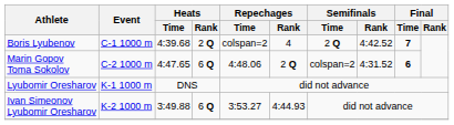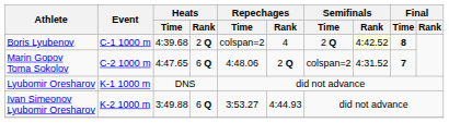 <table class="wikitable" style="font-size:90%; text-align:center;">
 <tr>
 <th rowspan=2>Athlete</th>
 <th rowspan=2>Event</th>
 <th colspan=2>Heats</th>
 <th colspan=2>Repechages</th>
 <th colspan=2>Semifinals</th>
 <th colspan=2>Final</th>
 </tr>
 <tr style="font-size:95%">
 <th>Time</th>
 <th>Rank</th>
 <th>Time</th>
 <th>Rank</th>
 <th>Time</th>
 <th>Rank</th>
 <th>Time</th>
 <th>Rank</th>
 </tr>
 <tr>
 <td align=left rowspan=1><a href='#'>Boris Lyubenov</a></td>
 <td align=left><a href='#'>C-1 1000 m</a></td>
 <td>4:39.68</td>
 <td>2 <strong>Q</strong></td>
 <td>colspan=2 </td>
 <td>4</td>
 <td>2 <strong>Q</strong></td>
-<td>4:42.52</td>
-<td><strong>7</strong></td>
+<td style="background: lightyellow;">4:42.52</td>
+<td><strong>8</strong></td>
 </tr>
 <tr>
 <td align=left rowspan=1><a href='#'>Marin Gopov</a><br><a href='#'>Toma Sokolov</a></td>
 <td align=left><a href='#'>C-2 1000 m</a></td>
 <td>4:47.65</td>
 <td>6 <strong>Q</strong></td>
 <td>4:48.06</td>
 <td>2 <strong>Q</strong></td>
 <td>colspan=2 </td>
 <td>4:31.52</td>
-<td><strong>6</strong></td>
+<td><strong>7</strong></td>
 </tr>
 <tr>
 <td align=left rowspan=1><a href='#'>Lyubomir Oresharov</a></td>
 <td align=left><a href='#'>K-1 1000 m</a></td>
 <td colspan=2>DNS</td>
 <td colspan=6>did not advance</td>
 </tr>
 <tr>
 <td align=left rowspan=1><a href='#'>Ivan Simeonov</a><br> <a href='#'>Lyubomir Oresharov</a></td>
 <td align=left><a href='#'>K-2 1000 m</a></td>
 <td>3:49.88</td>
 <td>6 <strong>Q</strong></td>
 <td>3:53.27</td>
 <td>4:44.93</td>
 <td colspan=4>did not advance</td>
 </tr>
 <tr>
 </tr>
 </table>
